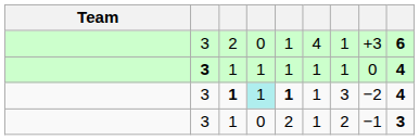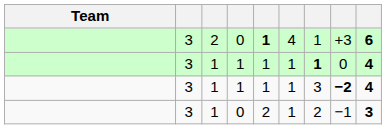 <table class=wikitable style="text-align:center">
 <tr>
 <th width="175">Team</th>
 <th width="20"></th>
 <th width="20"></th>
 <th width="20"></th>
 <th width="20"></th>
 <th width="20"></th>
 <th width="20"></th>
 <th width="20"></th>
 <th width="20"></th>
 </tr>
 <tr bgcolor=#ccffcc>
 <td align=left></td>
 <td>3</td>
 <td>2</td>
 <td>0</td>
-<td>1</td>
+<td><strong>1</strong></td>
 <td>4</td>
 <td>1</td>
 <td>+3</td>
 <td><strong>6</strong></td>
 </tr>
 <tr bgcolor=#ccffcc>
 <td align=left></td>
-<td><strong>3</strong></td>
+<td>3</td>
 <td>1</td>
 <td>1</td>
 <td>1</td>
 <td>1</td>
-<td>1</td>
+<td><strong>1</strong></td>
 <td>0</td>
 <td><strong>4</strong></td>
 </tr>
 <tr>
 <td align=left></td>
 <td>3</td>
-<td><strong>1</strong></td>
-<td style="background: paleturquoise;">1</td>
-<td><strong>1</strong></td>
+<td>1</td>
+<td>1</td>
+<td>1</td>
 <td>1</td>
 <td>3</td>
-<td>−2</td>
+<td><strong>−2</strong></td>
 <td><strong>4</strong></td>
 </tr>
 <tr>
 <td align=left></td>
 <td>3</td>
 <td>1</td>
 <td>0</td>
 <td>2</td>
 <td>1</td>
 <td>2</td>
 <td>−1</td>
 <td><strong>3</strong></td>
 </tr>
 </table>
